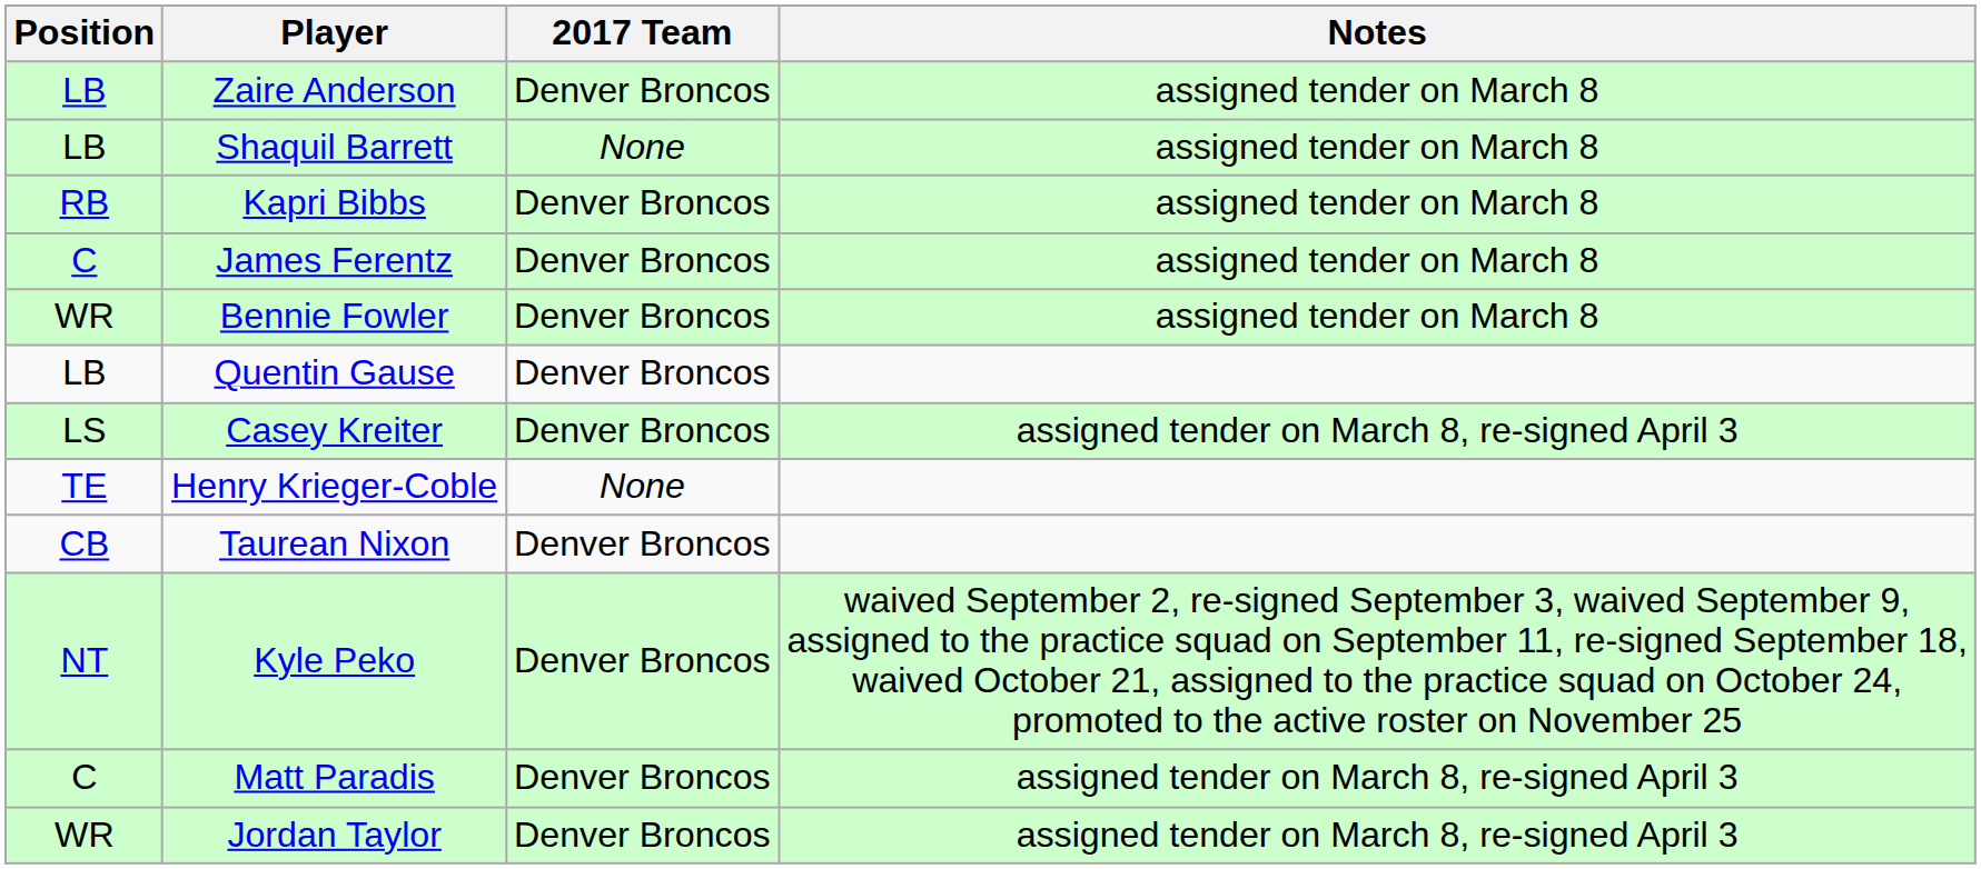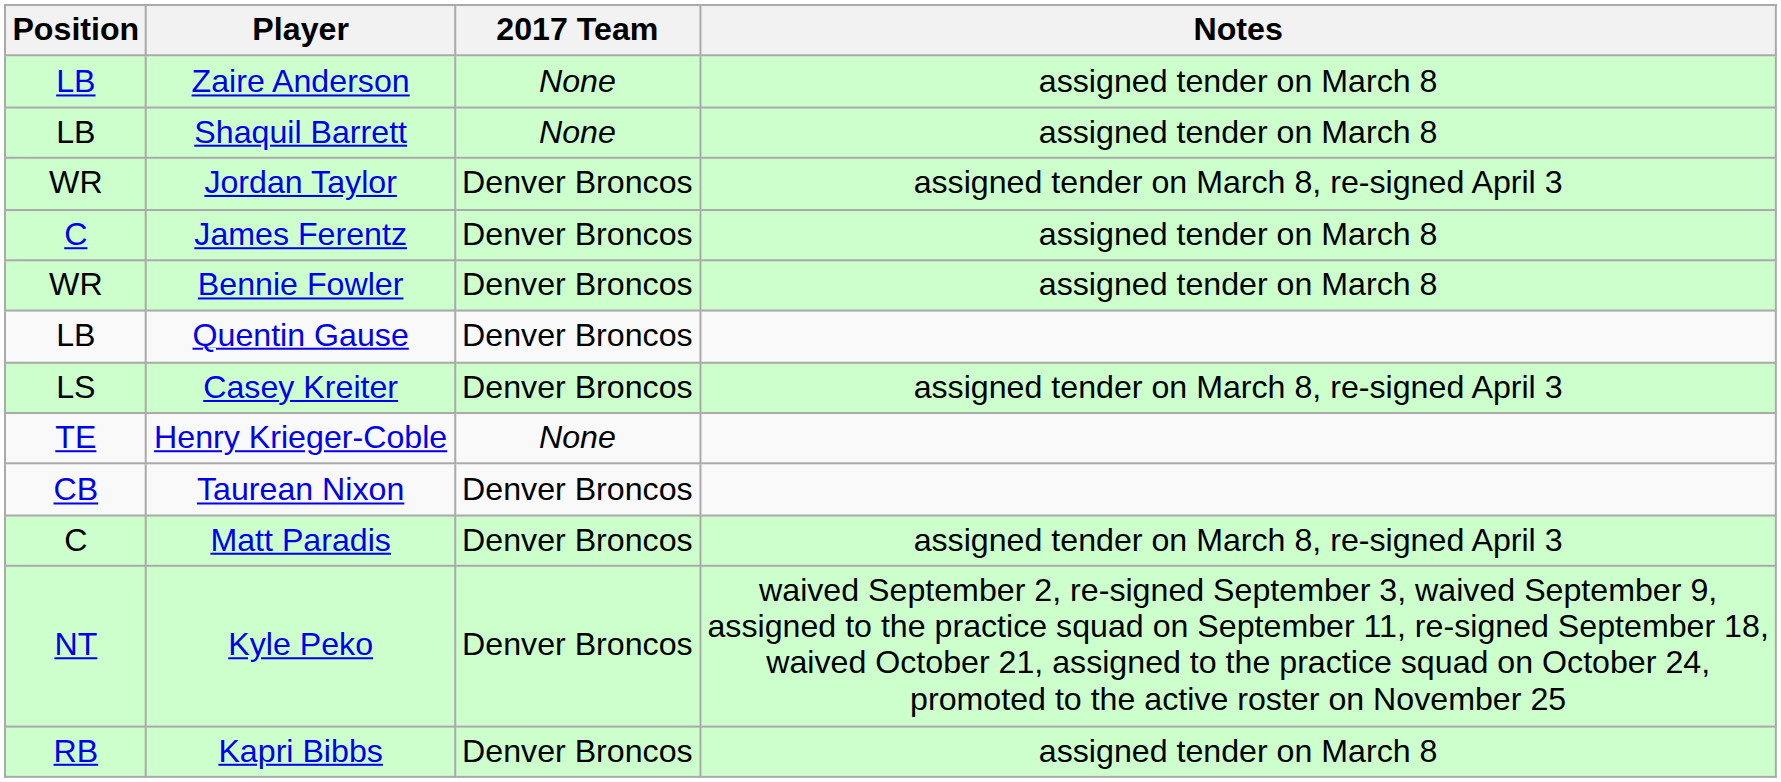 <table class="wikitable" style="text-align:center">
 <tr>
 <th>Position</th>
 <th>Player</th>
 <th>2017 Team</th>
 <th>Notes</th>
 </tr>
 <tr style="background:#cfc">
 <td><a href='#'>LB</a></td>
 <td><a href='#'>Zaire Anderson</a></td>
-<td>Denver Broncos</td>
+<td><em>None</em></td>
 <td>assigned tender on March 8</td>
 </tr>
 <tr style="background:#cfc">
 <td>LB</td>
 <td><a href='#'>Shaquil Barrett</a></td>
 <td><em>None</em></td>
 <td>assigned tender on March 8</td>
 </tr>
 <tr style="background:#cfc">
-<td><a href='#'>RB</a></td>
-<td><a href='#'>Kapri Bibbs</a></td>
+<td>WR</td>
+<td><a href='#'>Jordan Taylor</a></td>
 <td>Denver Broncos</td>
-<td>assigned tender on March 8</td>
+<td>assigned tender on March 8, re-signed April 3</td>
 </tr>
 <tr style="background:#cfc">
 <td><a href='#'>C</a></td>
 <td><a href='#'>James Ferentz</a></td>
 <td>Denver Broncos</td>
 <td>assigned tender on March 8</td>
 </tr>
 <tr style="background:#cfc">
 <td>WR</td>
 <td><a href='#'>Bennie Fowler</a></td>
 <td>Denver Broncos</td>
 <td>assigned tender on March 8</td>
 </tr>
 <tr style="background:#">
 <td>LB</td>
 <td><a href='#'>Quentin Gause</a></td>
 <td>Denver Broncos</td>
 <td></td>
 </tr>
 <tr style="background:#cfc">
 <td>LS</td>
 <td><a href='#'>Casey Kreiter</a></td>
 <td>Denver Broncos</td>
 <td>assigned tender on March 8, re-signed April 3</td>
 </tr>
 <tr style="background:#">
 <td><a href='#'>TE</a></td>
 <td><a href='#'>Henry Krieger-Coble</a></td>
 <td><em>None</em></td>
 <td></td>
 </tr>
 <tr style="background:#">
 <td><a href='#'>CB</a></td>
 <td><a href='#'>Taurean Nixon</a></td>
 <td>Denver Broncos</td>
 <td></td>
 </tr>
 <tr style="background:#cfc">
+<td>C</td>
+<td><a href='#'>Matt Paradis</a></td>
+<td>Denver Broncos</td>
+<td>assigned tender on March 8, re-signed April 3</td>
+</tr>
+<tr style="background:#cfc">
 <td><a href='#'>NT</a></td>
 <td><a href='#'>Kyle Peko</a></td>
 <td>Denver Broncos</td>
 <td>waived September 2, re-signed September 3, waived September 9,<br>assigned to the practice squad on September 11, re-signed September 18,<br>waived October 21, assigned to the practice squad on October 24,<br>promoted to the active roster on November 25</td>
 </tr>
 <tr style="background:#cfc">
-<td>C</td>
-<td><a href='#'>Matt Paradis</a></td>
+<td><a href='#'>RB</a></td>
+<td><a href='#'>Kapri Bibbs</a></td>
 <td>Denver Broncos</td>
-<td>assigned tender on March 8, re-signed April 3</td>
-</tr>
-<tr style="background:#cfc">
-<td>WR</td>
-<td><a href='#'>Jordan Taylor</a></td>
-<td>Denver Broncos</td>
-<td>assigned tender on March 8, re-signed April 3</td>
+<td>assigned tender on March 8</td>
 </tr>
 </table>
